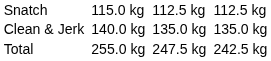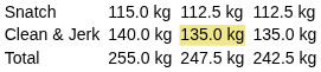 <table>
 <tr>
 <td>Snatch</td>
 <td></td>
 <td>115.0 kg</td>
 <td></td>
 <td>112.5 kg</td>
 <td></td>
 <td>112.5 kg</td>
 </tr>
 <tr>
 <td>Clean & Jerk</td>
 <td></td>
 <td>140.0 kg</td>
 <td></td>
-<td>135.0 kg</td>
+<td style="background: khaki;">135.0 kg</td>
 <td></td>
 <td>135.0 kg</td>
 </tr>
 <tr>
 <td>Total</td>
 <td></td>
 <td>255.0 kg</td>
 <td></td>
 <td>247.5 kg</td>
 <td></td>
 <td>242.5 kg</td>
 </tr>
 </table>
